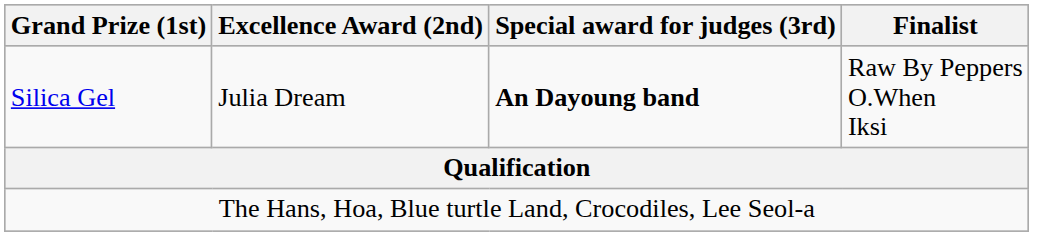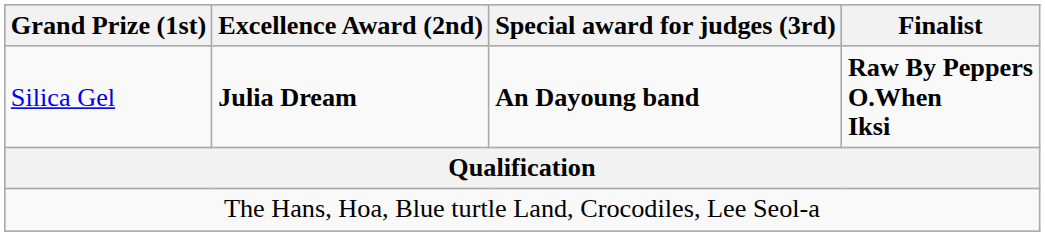 <table class="wikitable">
 <tr>
 <th scope="col">Grand Prize (1st)</th>
 <th scope="col">Excellence Award (2nd)</th>
 <th scope="col">Special award for judges (3rd)</th>
 <th scope="col">Finalist</th>
 </tr>
 <tr>
 <td scope="row"><a href='#'>Silica Gel</a></td>
-<td scope="row">Julia Dream</td>
+<td scope="row"><strong>Julia Dream</strong></td>
 <td scope="row"><strong>An Dayoung band</strong></td>
-<td scope="row">Raw By Peppers<br> O.When<br>Iksi</td>
+<td scope="row"><strong>Raw By Peppers<br> O.When<br>Iksi</strong></td>
 </tr>
 <tr>
 <th colspan="4" align="center">Qualification</th>
 </tr>
 <tr>
 <td colspan="4" align="center">The Hans, Hoa, Blue turtle Land, Crocodiles, Lee Seol-a</td>
 </tr>
 </table>
